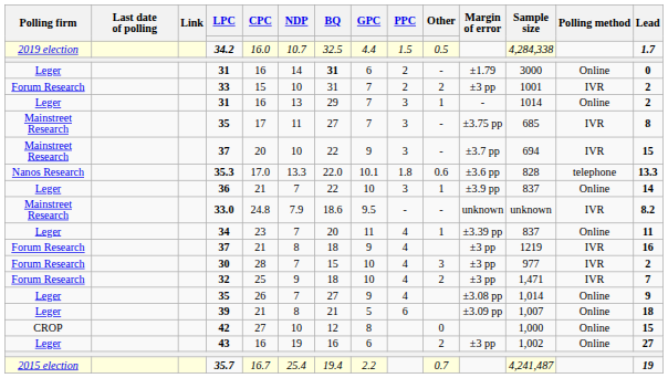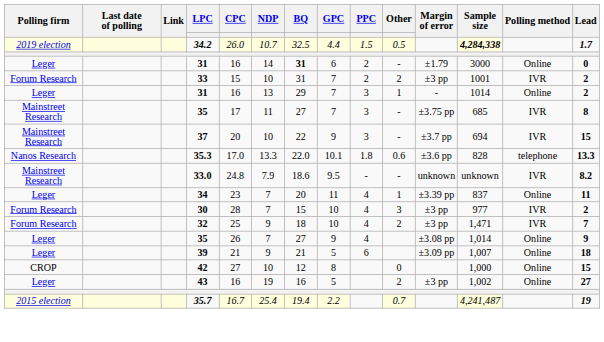 <table class="wikitable sortable mw-datatable" style="text-align:center;font-size:90%;line-height:14px;">
 <tr style="height:40px;">
 <th rowspan="2" style="width:105px;">Polling firm</th>
 <th rowspan="2" style="width:105px;">Last date<br>of polling</th>
 <th rowspan="2">Link</th>
 <th class="unsortable" style="width:40px;"><a href='#'>LPC</a></th>
 <th class="unsortable" style="width:40px;"><a href='#'>CPC</a></th>
 <th class="unsortable" style="width:40px;"><a href='#'>NDP</a></th>
 <th class="unsortable" style="width:40px;"><a href='#'>BQ</a></th>
 <th class="unsortable" style="width:40px;"><a href='#'>GPC</a></th>
 <th class="unsortable" style="width:40px;"><a href='#'>PPC</a></th>
 <th class="unsortable" style="width:40px;">Other</th>
 <th rowspan="2">Margin<br>of error</th>
 <th rowspan="2">Sample<br>size</th>
 <th rowspan="2">Polling method</th>
 <th rowspan="2">Lead</th>
 </tr>
 <tr>
 <th style="background:"></th>
 <th style="background:"></th>
 <th style="background:"></th>
 <th style="background:"></th>
 <th style="background:"></th>
 <th style="background:"></th>
 <th style="background:"></th>
 </tr>
 <tr>
 <td style="background:#ffd;"><em><a href='#'>2019 election</a></em></td>
 <td style="background:#ffd;"></td>
 <td style="background:#ffd;"><em></em></td>
 <td><strong><em>34.2</em></strong></td>
-<td style="background:#ffd;"><em>16.0</em></td>
+<td style="background:#ffd;"><em>26.0</em></td>
 <td style="background:#ffd;"><em>10.7</em></td>
 <td style="background:#ffd;"><em>32.5</em></td>
 <td style="background:#ffd;"><em>4.4</em></td>
 <td style="background:#ffd;"><em>1.5</em></td>
 <td style="background:#ffd;"><em>0.5</em></td>
 <td></td>
-<td style="background:#ffd;"><em>4,284,338</em></td>
+<td style="background:#ffd;"><strong><em>4,284,338</em></strong></td>
 <td></td>
 <td><strong><em>1.7</em></strong></td>
 </tr>
 <tr>
 <th colspan="14"></th>
 </tr>
 <tr>
 <td><a href='#'>Leger</a></td>
 <td></td>
 <td></td>
 <td><strong>31</strong></td>
 <td>16</td>
 <td>14</td>
 <td style="background-color:"><strong>31</strong></td>
 <td>6</td>
 <td>2</td>
 <td>-</td>
 <td>±1.79</td>
 <td>3000</td>
 <td>Online</td>
 <td><strong>0</strong></td>
 </tr>
 <tr>
 <td><a href='#'>Forum Research</a></td>
 <td></td>
 <td></td>
 <td><strong>33</strong></td>
 <td>15</td>
 <td>10</td>
 <td>31</td>
 <td>7</td>
 <td>2</td>
 <td>2</td>
 <td>±3 pp</td>
 <td>1001</td>
 <td>IVR</td>
 <td><strong>2</strong></td>
 </tr>
 <tr>
 <td><a href='#'>Leger</a></td>
 <td></td>
 <td></td>
 <td><strong>31</strong></td>
 <td>16</td>
 <td>13</td>
 <td>29</td>
 <td>7</td>
 <td>3</td>
 <td>1</td>
 <td>-</td>
 <td>1014</td>
 <td>Online</td>
 <td><strong>2</strong></td>
 </tr>
 <tr>
 <td><a href='#'>Mainstreet Research</a></td>
 <td></td>
 <td></td>
 <td><strong>35</strong></td>
 <td>17</td>
 <td>11</td>
 <td>27</td>
 <td>7</td>
 <td>3</td>
 <td>-</td>
 <td>±3.75 pp</td>
 <td>685</td>
 <td>IVR</td>
 <td><strong>8</strong></td>
 </tr>
 <tr>
 <td><a href='#'>Mainstreet Research</a></td>
 <td></td>
 <td></td>
 <td><strong>37</strong></td>
 <td>20</td>
 <td>10</td>
 <td>22</td>
 <td>9</td>
 <td>3</td>
 <td>-</td>
 <td>±3.7 pp</td>
 <td>694</td>
 <td>IVR</td>
 <td><strong>15</strong></td>
 </tr>
 <tr>
 <td><a href='#'>Nanos Research</a></td>
 <td></td>
 <td></td>
 <td><strong>35.3</strong></td>
 <td>17.0</td>
 <td>13.3</td>
 <td>22.0</td>
 <td>10.1</td>
 <td>1.8</td>
 <td>0.6</td>
 <td>±3.6 pp</td>
 <td>828</td>
 <td>telephone</td>
 <td><strong>13.3</strong></td>
 </tr>
 <tr>
-<td><a href='#'>Leger</a></td>
-<td></td>
-<td></td>
-<td><strong>36</strong></td>
-<td>21</td>
-<td>7</td>
-<td>22</td>
-<td>10</td>
-<td>3</td>
-<td>1</td>
-<td>±3.9 pp</td>
-<td>837</td>
-<td>Online</td>
-<td><strong>14</strong></td>
-</tr>
-<tr>
 <td><a href='#'>Mainstreet Research</a></td>
 <td></td>
 <td></td>
 <td><strong>33.0</strong></td>
 <td>24.8</td>
 <td>7.9</td>
 <td>18.6</td>
 <td>9.5</td>
 <td>-</td>
 <td>-</td>
 <td>unknown</td>
 <td>unknown</td>
 <td>IVR</td>
 <td><strong>8.2</strong></td>
 </tr>
 <tr>
 <td><a href='#'>Leger</a></td>
 <td></td>
 <td></td>
 <td><strong>34</strong></td>
 <td>23</td>
 <td>7</td>
 <td>20</td>
 <td>11</td>
 <td>4</td>
 <td>1</td>
 <td>±3.39 pp</td>
 <td>837</td>
 <td>Online</td>
 <td><strong>11</strong></td>
-</tr>
-<tr>
-<td><a href='#'>Forum Research</a></td>
-<td></td>
-<td></td>
-<td><strong>37</strong></td>
-<td>21</td>
-<td>8</td>
-<td>18</td>
-<td>9</td>
-<td>4</td>
-<td></td>
-<td>±3 pp</td>
-<td>1219</td>
-<td>IVR</td>
-<td><strong>16</strong></td>
 </tr>
 <tr>
 <td><a href='#'>Forum Research</a></td>
 <td></td>
 <td></td>
 <td><strong>30</strong></td>
 <td>28</td>
 <td>7</td>
 <td>15</td>
 <td>10</td>
 <td>4</td>
 <td>3</td>
 <td>±3 pp</td>
 <td>977</td>
 <td>IVR</td>
 <td><strong>2</strong></td>
 </tr>
 <tr>
 <td><a href='#'>Forum Research</a></td>
 <td></td>
 <td></td>
 <td><strong>32</strong></td>
 <td>25</td>
 <td>9</td>
 <td>18</td>
 <td>10</td>
 <td>4</td>
 <td>2</td>
 <td>±3 pp</td>
 <td>1,471</td>
 <td>IVR</td>
 <td><strong>7</strong></td>
 </tr>
 <tr>
 <td><a href='#'>Leger</a></td>
 <td></td>
 <td></td>
 <td><strong>35</strong></td>
 <td>26</td>
 <td>7</td>
 <td>27</td>
 <td>9</td>
 <td>4</td>
 <td></td>
 <td>±3.08 pp</td>
 <td>1,014</td>
 <td>Online</td>
 <td><strong>9</strong></td>
 </tr>
 <tr>
 <td><a href='#'>Leger</a></td>
 <td></td>
 <td></td>
 <td><strong>39</strong></td>
 <td>21</td>
-<td>8</td>
+<td>9</td>
 <td>21</td>
 <td>5</td>
 <td>6</td>
 <td></td>
 <td>±3.09 pp</td>
 <td>1,007</td>
 <td>Online</td>
 <td><strong>18</strong></td>
 </tr>
 <tr>
 <td>CROP</td>
 <td></td>
 <td></td>
 <td><strong>42</strong></td>
 <td>27</td>
 <td>10</td>
 <td>12</td>
 <td>8</td>
 <td></td>
 <td>0</td>
 <td></td>
 <td>1,000</td>
 <td>Online</td>
 <td><strong>15</strong></td>
 </tr>
 <tr>
 <td><a href='#'>Leger</a></td>
 <td></td>
 <td></td>
 <td><strong>43</strong></td>
 <td>16</td>
 <td>19</td>
 <td>16</td>
-<td>6</td>
+<td>5</td>
 <td></td>
 <td>2</td>
 <td>±3 pp</td>
 <td>1,002</td>
 <td>Online</td>
 <td><strong>27</strong></td>
 </tr>
 <tr>
 <th colspan="14"></th>
 </tr>
 <tr>
 <td style="background:#ffd;"><em><a href='#'>2015 election</a></em></td>
 <td style="background:#ffd;"></td>
 <td style="background:#ffd;"><em></em></td>
 <td><strong><em>35.7</em></strong></td>
 <td style="background:#ffd;"><em>16.7</em></td>
 <td style="background:#ffd;"><em>25.4</em></td>
 <td style="background:#ffd;"><em>19.4</em></td>
 <td style="background:#ffd;"><em>2.2</em></td>
 <td><em></em></td>
 <td style="background:#ffd;"><em>0.7</em></td>
 <td></td>
 <td style="background:#ffd;"><em>4,241,487</em></td>
 <td></td>
 <td><strong><em>19</em></strong></td>
 </tr>
 </table>
